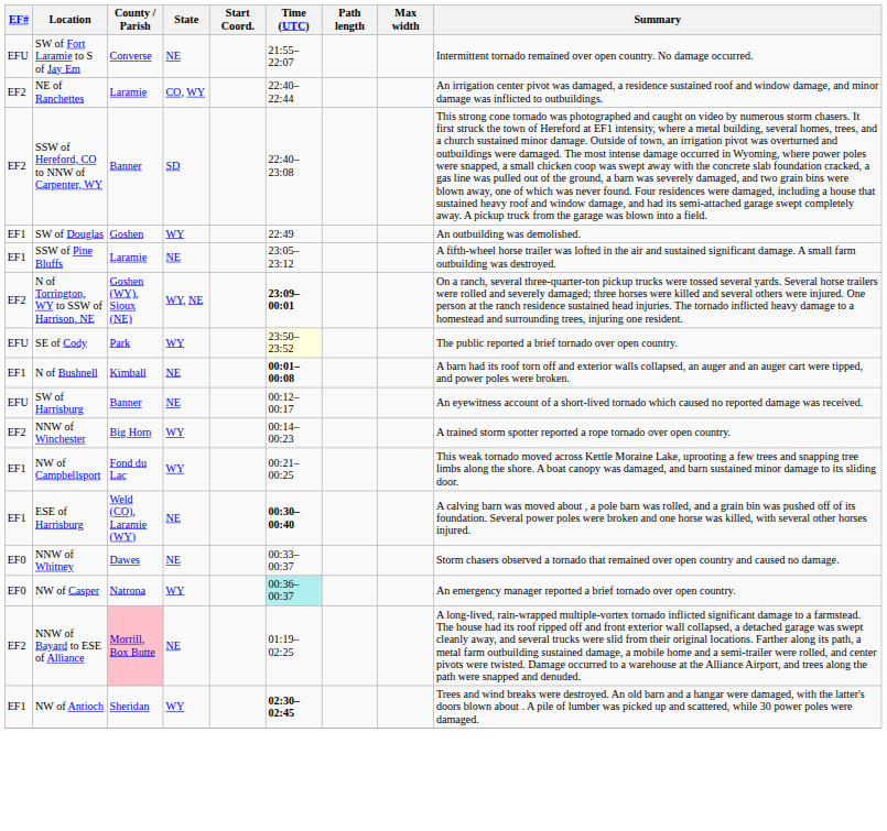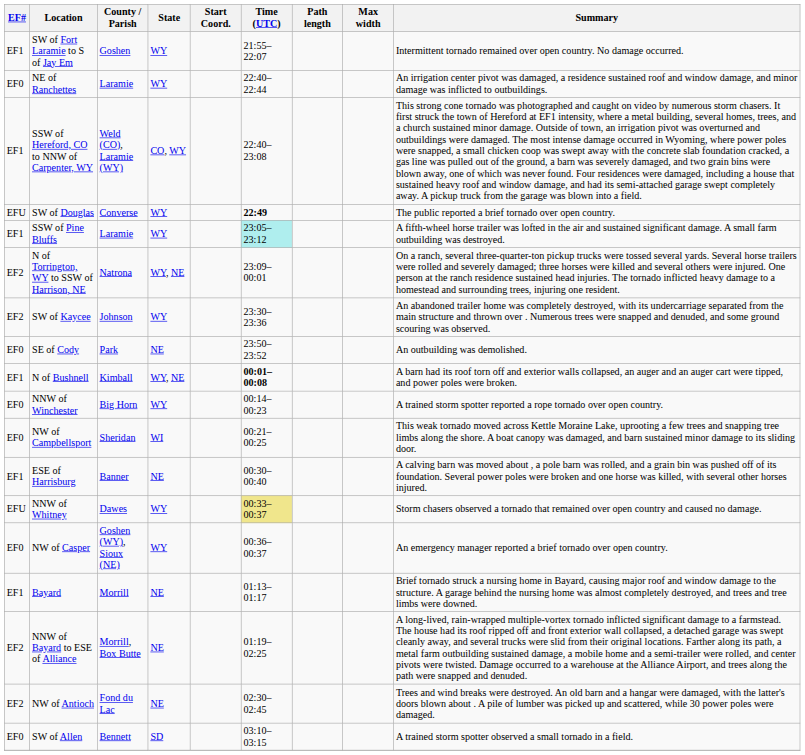 <table class="wikitable sortable" style="width:100%;">
 <tr>
 <th scope="col"  style="width:3%; text-align:center;"><a href='#'>EF#</a></th>
 <th scope="col"  style="width:7%; text-align:center;" class="unsortable">Location</th>
 <th scope="col"  style="width:6%; text-align:center;" class="unsortable">County / Parish</th>
 <th scope="col"  style="width:5%; text-align:center;">State</th>
 <th scope="col"  style="width:6%; text-align:center;">Start Coord.</th>
 <th scope="col"  style="width:6%; text-align:center;">Time (<a href='#'>UTC</a>)</th>
 <th scope="col"  style="width:6%; text-align:center;">Path length</th>
 <th scope="col"  style="width:6%; text-align:center;">Max width</th>
 <th scope="col" class="unsortable" style="width:48%; text-align:center;">Summary</th>
 </tr>
 <tr>
-<td>EFU</td>
+<td>EF1</td>
 <td>SW of <a href='#'>Fort Laramie</a> to S of <a href='#'>Jay Em</a></td>
-<td><a href='#'>Converse</a></td>
-<td><a href='#'>NE</a></td>
+<td><a href='#'>Goshen</a></td>
+<td><a href='#'>WY</a></td>
 <td></td>
 <td>21:55–22:07</td>
 <td></td>
 <td></td>
 <td>Intermittent tornado remained over open country. No damage occurred.</td>
 </tr>
 <tr>
-<td>EF2</td>
+<td>EF0</td>
 <td>NE of <a href='#'>Ranchettes</a></td>
 <td><a href='#'>Laramie</a></td>
-<td><a href='#'>CO</a>, <a href='#'>WY</a></td>
+<td><a href='#'>WY</a></td>
 <td></td>
 <td>22:40–22:44</td>
 <td></td>
 <td></td>
 <td>An irrigation center pivot was damaged, a residence sustained roof and window damage, and minor damage was inflicted to outbuildings.</td>
 </tr>
 <tr>
-<td>EF2</td>
+<td>EF1</td>
 <td>SSW of <a href='#'>Hereford, CO</a> to NNW of <a href='#'>Carpenter, WY</a></td>
-<td><a href='#'>Banner</a></td>
-<td><a href='#'>SD</a></td>
+<td><a href='#'>Weld (CO)</a>, <a href='#'>Laramie (WY)</a></td>
+<td><a href='#'>CO</a>, <a href='#'>WY</a></td>
 <td></td>
 <td>22:40–23:08</td>
 <td></td>
 <td></td>
 <td>This strong cone tornado was photographed and caught on video by numerous storm chasers. It first struck the town of Hereford at EF1 intensity, where a metal building, several homes, trees, and a church sustained minor damage. Outside of town, an irrigation pivot was overturned and outbuildings were damaged. The most intense damage occurred in Wyoming, where power poles were snapped, a small chicken coop was swept away with the concrete slab foundation cracked, a gas line was pulled out of the ground, a barn was severely damaged, and two grain bins were blown away, one of which was never found. Four residences were damaged, including a house that sustained heavy roof and window damage, and had its semi-attached garage swept completely away. A pickup truck from the garage was blown  into a field.</td>
 </tr>
 <tr>
-<td>EF1</td>
+<td>EFU</td>
 <td>SW of <a href='#'>Douglas</a></td>
-<td><a href='#'>Goshen</a></td>
+<td><a href='#'>Converse</a></td>
 <td><a href='#'>WY</a></td>
 <td></td>
-<td>22:49</td>
+<td><strong>22:49</strong></td>
 <td></td>
 <td></td>
-<td>An outbuilding was demolished.</td>
+<td>The public reported a brief tornado over open country.</td>
 </tr>
 <tr>
 <td>EF1</td>
 <td>SSW of <a href='#'>Pine Bluffs</a></td>
 <td><a href='#'>Laramie</a></td>
-<td><a href='#'>NE</a></td>
+<td><a href='#'>WY</a></td>
 <td></td>
-<td>23:05–23:12</td>
+<td style="background: paleturquoise;">23:05–23:12</td>
 <td></td>
 <td></td>
 <td>A fifth-wheel horse trailer was lofted in the air and sustained significant damage. A small farm outbuilding was destroyed.</td>
 </tr>
 <tr>
 <td>EF2</td>
 <td>N of <a href='#'>Torrington, WY</a> to SSW of <a href='#'>Harrison, NE</a></td>
-<td><a href='#'>Goshen (WY)</a>, <a href='#'>Sioux (NE)</a></td>
+<td><a href='#'>Natrona</a></td>
 <td><a href='#'>WY</a>, <a href='#'>NE</a></td>
 <td></td>
-<td><strong>23:09–00:01</strong></td>
+<td>23:09–00:01</td>
 <td></td>
 <td></td>
 <td>On a ranch, several three-quarter-ton pickup trucks were tossed several yards. Several horse trailers were rolled  and severely damaged; three horses were killed and several others were injured. One person at the ranch residence sustained head injuries. The tornado inflicted heavy damage to a homestead and surrounding trees, injuring one resident.</td>
 </tr>
 <tr>
-<td>EFU</td>
+<td>EF2</td>
+<td>SW of <a href='#'>Kaycee</a></td>
+<td><a href='#'>Johnson</a></td>
+<td><a href='#'>WY</a></td>
+<td></td>
+<td>23:30–23:36</td>
+<td></td>
+<td></td>
+<td>An abandoned trailer home was completely destroyed, with its undercarriage separated from the main structure and thrown over . Numerous trees were snapped and denuded, and some ground scouring was observed.</td>
+</tr>
+<tr>
+<td>EF0</td>
 <td>SE of <a href='#'>Cody</a></td>
 <td><a href='#'>Park</a></td>
-<td><a href='#'>WY</a></td>
+<td><a href='#'>NE</a></td>
 <td></td>
-<td style="background: lightyellow;">23:50–23:52</td>
+<td>23:50–23:52</td>
 <td></td>
 <td></td>
-<td>The public reported a brief tornado over open country.</td>
+<td>An outbuilding was demolished.</td>
 </tr>
 <tr>
 <td>EF1</td>
 <td>N of <a href='#'>Bushnell</a></td>
 <td><a href='#'>Kimball</a></td>
-<td><a href='#'>NE</a></td>
+<td><a href='#'>WY</a>, <a href='#'>NE</a></td>
 <td></td>
 <td><strong>00:01–00:08</strong></td>
 <td></td>
 <td></td>
 <td>A barn had its roof torn off and exterior walls collapsed, an auger and an auger cart were tipped, and power poles were broken.</td>
 </tr>
 <tr>
-<td>EFU</td>
-<td>SW of <a href='#'>Harrisburg</a></td>
-<td><a href='#'>Banner</a></td>
-<td><a href='#'>NE</a></td>
-<td></td>
-<td>00:12–00:17</td>
-<td></td>
-<td></td>
-<td>An eyewitness account of a short-lived tornado which caused no reported damage was received.</td>
-</tr>
-<tr>
-<td>EF2</td>
+<td>EF0</td>
 <td>NNW of <a href='#'>Winchester</a></td>
 <td><a href='#'>Big Horn</a></td>
 <td><a href='#'>WY</a></td>
 <td></td>
 <td>00:14–00:23</td>
 <td></td>
 <td></td>
 <td>A trained storm spotter reported a rope tornado over open country.</td>
 </tr>
 <tr>
-<td>EF1</td>
+<td>EF0</td>
 <td>NW of <a href='#'>Campbellsport</a></td>
-<td><a href='#'>Fond du Lac</a></td>
-<td><a href='#'>WY</a></td>
+<td><a href='#'>Sheridan</a></td>
+<td><a href='#'>WI</a></td>
 <td></td>
 <td>00:21–00:25</td>
 <td></td>
 <td></td>
 <td>This weak tornado moved across Kettle Moraine Lake, uprooting a few trees and snapping tree limbs along the shore. A boat canopy was damaged, and barn sustained minor damage to its sliding door.</td>
 </tr>
 <tr>
 <td>EF1</td>
 <td>ESE of <a href='#'>Harrisburg</a></td>
-<td><a href='#'>Weld (CO)</a>, <a href='#'>Laramie (WY)</a></td>
+<td><a href='#'>Banner</a></td>
 <td><a href='#'>NE</a></td>
 <td></td>
-<td><strong>00:30–00:40</strong></td>
+<td>00:30–00:40</td>
 <td></td>
 <td></td>
 <td>A calving barn was moved about , a pole barn was rolled, and a grain bin was pushed off of its foundation. Several power poles were broken and one horse was killed, with several other horses injured.</td>
 </tr>
 <tr>
-<td>EF0</td>
+<td>EFU</td>
 <td>NNW of <a href='#'>Whitney</a></td>
 <td><a href='#'>Dawes</a></td>
-<td><a href='#'>NE</a></td>
+<td><a href='#'>WY</a></td>
 <td></td>
-<td>00:33–00:37</td>
+<td style="background: khaki;">00:33–00:37</td>
 <td></td>
 <td></td>
 <td>Storm chasers observed a tornado that remained over open country and caused no damage.</td>
 </tr>
 <tr>
 <td>EF0</td>
 <td>NW of <a href='#'>Casper</a></td>
-<td><a href='#'>Natrona</a></td>
+<td><a href='#'>Goshen (WY)</a>, <a href='#'>Sioux (NE)</a></td>
 <td><a href='#'>WY</a></td>
 <td></td>
-<td style="background: paleturquoise;">00:36–00:37</td>
+<td>00:36–00:37</td>
 <td></td>
 <td></td>
 <td>An emergency manager reported a brief tornado over open country.</td>
 </tr>
 <tr>
+<td>EF1</td>
+<td><a href='#'>Bayard</a></td>
+<td><a href='#'>Morrill</a></td>
+<td><a href='#'>NE</a></td>
+<td></td>
+<td>01:13–01:17</td>
+<td></td>
+<td></td>
+<td>Brief tornado struck a nursing home in Bayard, causing major roof and window damage to the structure. A garage behind the nursing home was almost completely destroyed, and trees and tree limbs were downed.</td>
+</tr>
+<tr>
 <td>EF2</td>
 <td>NNW of <a href='#'>Bayard</a> to ESE of <a href='#'>Alliance</a></td>
-<td style="background: pink;"><a href='#'>Morrill</a>, <a href='#'>Box Butte</a></td>
+<td><a href='#'>Morrill</a>, <a href='#'>Box Butte</a></td>
 <td><a href='#'>NE</a></td>
 <td></td>
 <td>01:19–02:25</td>
 <td></td>
 <td></td>
 <td>A long-lived, rain-wrapped multiple-vortex tornado inflicted significant damage to a farmstead. The house had its roof ripped off and front exterior wall collapsed, a detached garage was swept cleanly away, and several trucks were slid from their original locations. Farther along its path, a metal farm outbuilding sustained damage, a mobile home and a semi-trailer were rolled, and center pivots were twisted. Damage occurred to a warehouse at the Alliance Airport, and trees along the path were snapped and denuded.</td>
 </tr>
 <tr>
-<td>EF1</td>
+<td>EF2</td>
 <td>NW of <a href='#'>Antioch</a></td>
-<td><a href='#'>Sheridan</a></td>
-<td><a href='#'>WY</a></td>
+<td><a href='#'>Fond du Lac</a></td>
+<td><a href='#'>NE</a></td>
 <td></td>
-<td><strong>02:30–02:45</strong></td>
+<td>02:30–02:45</td>
 <td></td>
 <td></td>
 <td>Trees and wind breaks were destroyed. An old barn and a hangar were damaged, with the latter's doors blown about . A pile of lumber was picked up and scattered, while 30 power poles were damaged.</td>
 </tr>
 <tr>
+<td>EF0</td>
+<td>SW of <a href='#'>Allen</a></td>
+<td><a href='#'>Bennett</a></td>
+<td><a href='#'>SD</a></td>
+<td></td>
+<td>03:10–03:15</td>
+<td></td>
+<td></td>
+<td>A trained storm spotter observed a small tornado in a field.</td>
+</tr>
+<tr>
 </tr>
 </table>
